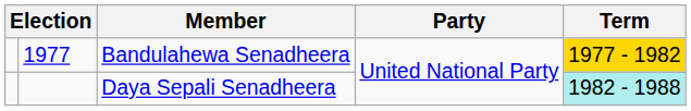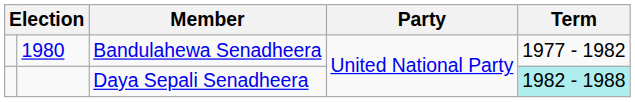 <table class="wikitable">
 <tr>
 <th colspan="2">Election</th>
 <th>Member</th>
 <th>Party</th>
 <th>Term</th>
 </tr>
 <tr>
 <td style="background-color: "></td>
-<td><a href='#'>1977</a></td>
+<td><a href='#'>1980</a></td>
 <td><a href='#'>Bandulahewa Senadheera</a></td>
 <td rowspan=2><a href='#'>United National Party</a></td>
-<td style="background: gold;">1977 - 1982</td>
+<td>1977 - 1982</td>
 </tr>
 <tr>
 <td style="background-color: "></td>
 <td></td>
 <td><a href='#'>Daya Sepali Senadheera</a></td>
 <td style="background: paleturquoise;">1982 - 1988</td>
 </tr>
 </table>
